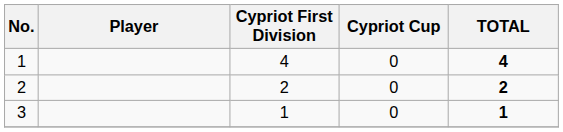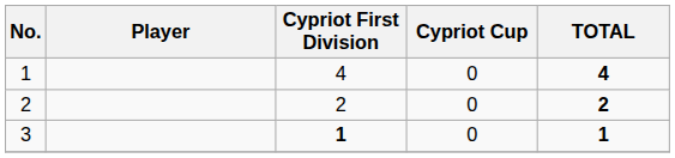 <table class="sortable wikitable mw-datatable plainrowheaders" style="text-align: center">
 <tr>
 <th width=10>No.</th>
 <th scope="col" style="width:180px;">Player</th>
 <th width=100>Cypriot First Division</th>
 <th width=100>Cypriot Cup</th>
 <th width=100>TOTAL</th>
 </tr>
 <tr>
 <td>1</td>
 <td align=left> </td>
 <td>4</td>
 <td>0</td>
 <td><strong>4</strong></td>
 </tr>
 <tr>
 <td>2</td>
 <td align=left> </td>
 <td>2</td>
 <td>0</td>
 <td><strong>2</strong></td>
 </tr>
 <tr>
 <td>3</td>
 <td align=left> </td>
-<td>1</td>
+<td><strong>1</strong></td>
 <td>0</td>
 <td><strong>1</strong></td>
 </tr>
 <tr>
 </tr>
 </table>
